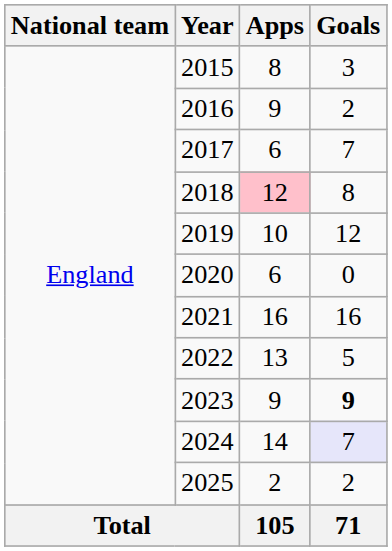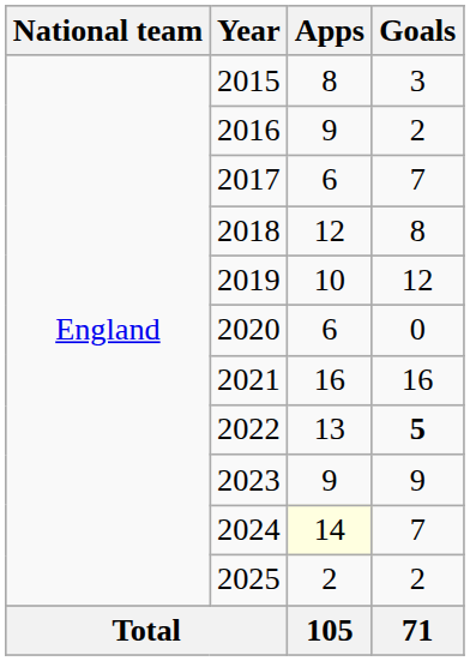 <table class="wikitable" style="text-align: center;">
 <tr>
 <th>National team</th>
 <th>Year</th>
 <th>Apps</th>
 <th>Goals</th>
 </tr>
 <tr>
 <td rowspan="11"><a href='#'>England</a></td>
 <td>2015</td>
 <td>8</td>
 <td>3</td>
 </tr>
 <tr>
 <td>2016</td>
 <td>9</td>
 <td>2</td>
 </tr>
 <tr>
 <td>2017</td>
 <td>6</td>
 <td>7</td>
 </tr>
 <tr>
 <td>2018</td>
-<td style="background: pink;">12</td>
+<td>12</td>
 <td>8</td>
 </tr>
 <tr>
 <td>2019</td>
 <td>10</td>
 <td>12</td>
 </tr>
 <tr>
 <td>2020</td>
 <td>6</td>
 <td>0</td>
 </tr>
 <tr>
 <td>2021</td>
 <td>16</td>
 <td>16</td>
 </tr>
 <tr>
 <td>2022</td>
 <td>13</td>
-<td>5</td>
+<td><strong>5</strong></td>
 </tr>
 <tr>
 <td>2023</td>
 <td>9</td>
-<td><strong>9</strong></td>
+<td>9</td>
 </tr>
 <tr>
 <td>2024</td>
-<td>14</td>
-<td style="background: lavender;">7</td>
+<td style="background: lightyellow;">14</td>
+<td>7</td>
 </tr>
 <tr>
 <td>2025</td>
 <td>2</td>
 <td>2</td>
 </tr>
 <tr>
 <th colspan="2">Total</th>
 <th>105</th>
 <th>71</th>
 </tr>
 </table>
